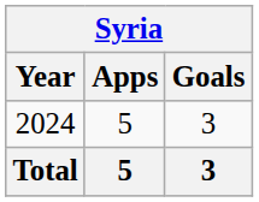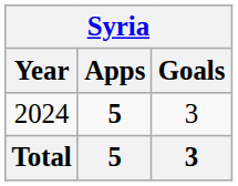 <table class="wikitable" style="text-align:center">
 <tr>
 <th colspan=3><a href='#'>Syria</a></th>
 </tr>
 <tr>
 <th>Year</th>
 <th>Apps</th>
 <th>Goals</th>
 </tr>
 <tr>
 <td>2024</td>
-<td>5</td>
+<td><strong>5</strong></td>
 <td>3</td>
 </tr>
 <tr>
 <th>Total</th>
 <th>5</th>
 <th>3</th>
 </tr>
 </table>
